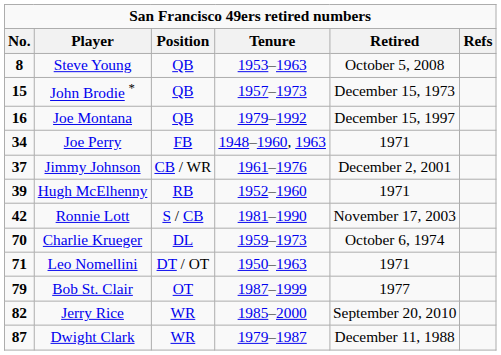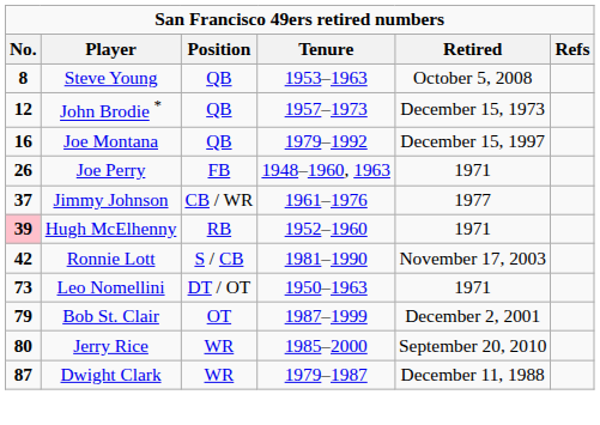 <table class="wikitable sortable" style="text-align:center">
 <tr>
 <td colspan="6"><strong>San Francisco 49ers retired numbers</strong></td>
 </tr>
 <tr>
 <th>No.</th>
 <th>Player</th>
 <th>Position</th>
 <th>Tenure</th>
 <th>Retired</th>
 <th>Refs</th>
 </tr>
 <tr>
 <td><strong>8</strong></td>
 <td><a href='#'>Steve Young</a></td>
 <td><a href='#'>QB</a></td>
 <td><a href='#'>1953</a>–<a href='#'>1963</a></td>
 <td>October 5, 2008</td>
 <td></td>
 </tr>
 <tr>
-<td><strong>15</strong></td>
+<td><strong>12</strong></td>
 <td><a href='#'>John Brodie</a> <sup>*</sup></td>
 <td><a href='#'>QB</a></td>
 <td><a href='#'>1957</a>–<a href='#'>1973</a></td>
 <td>December 15, 1973</td>
 <td></td>
 </tr>
 <tr>
 <td><strong>16</strong></td>
 <td><a href='#'>Joe Montana</a></td>
 <td><a href='#'>QB</a></td>
 <td><a href='#'>1979</a>–<a href='#'>1992</a></td>
 <td>December 15, 1997</td>
 <td></td>
 </tr>
 <tr>
-<td><strong>34</strong></td>
+<td><strong>26</strong></td>
 <td><a href='#'>Joe Perry</a></td>
 <td><a href='#'>FB</a></td>
 <td><a href='#'>1948</a>–<a href='#'>1960</a>, <a href='#'>1963</a></td>
 <td>1971</td>
 <td></td>
 </tr>
 <tr>
 <td><strong>37</strong></td>
 <td><a href='#'>Jimmy Johnson</a></td>
 <td><a href='#'>CB</a> / WR</td>
 <td><a href='#'>1961</a>–<a href='#'>1976</a></td>
-<td>December 2, 2001</td>
+<td>1977</td>
 <td></td>
 </tr>
 <tr>
-<td><strong>39</strong></td>
+<td style="background: pink;"><strong>39</strong></td>
 <td><a href='#'>Hugh McElhenny</a></td>
 <td><a href='#'>RB</a></td>
 <td><a href='#'>1952</a>–<a href='#'>1960</a></td>
 <td>1971</td>
 <td></td>
 </tr>
 <tr>
 <td><strong>42</strong></td>
 <td><a href='#'>Ronnie Lott</a></td>
 <td><a href='#'>S</a> / <a href='#'>CB</a></td>
 <td><a href='#'>1981</a>–<a href='#'>1990</a></td>
 <td>November 17, 2003</td>
 <td></td>
 </tr>
 <tr>
-<td><strong>70</strong></td>
-<td><a href='#'>Charlie Krueger</a></td>
-<td><a href='#'>DL</a></td>
-<td><a href='#'>1959</a>–<a href='#'>1973</a></td>
-<td>October 6, 1974</td>
-<td></td>
-</tr>
-<tr>
-<td><strong>71</strong></td>
+<td><strong>73</strong></td>
 <td><a href='#'>Leo Nomellini</a></td>
 <td><a href='#'>DT</a> / OT</td>
 <td><a href='#'>1950</a>–<a href='#'>1963</a></td>
 <td>1971</td>
 <td></td>
 </tr>
 <tr>
 <td><strong>79</strong></td>
 <td><a href='#'>Bob St. Clair</a></td>
 <td><a href='#'>OT</a></td>
 <td><a href='#'>1987</a>–<a href='#'>1999</a></td>
-<td>1977</td>
+<td>December 2, 2001</td>
 <td></td>
 </tr>
 <tr>
-<td><strong>82</strong></td>
+<td><strong>80</strong></td>
 <td><a href='#'>Jerry Rice</a></td>
 <td><a href='#'>WR</a></td>
 <td><a href='#'>1985</a>–<a href='#'>2000</a></td>
 <td>September 20, 2010</td>
 <td></td>
 </tr>
 <tr>
 <td><strong>87</strong></td>
 <td><a href='#'>Dwight Clark</a></td>
 <td><a href='#'>WR</a></td>
 <td><a href='#'>1979</a>–<a href='#'>1987</a></td>
 <td>December 11, 1988</td>
 <td></td>
 </tr>
 </table>
